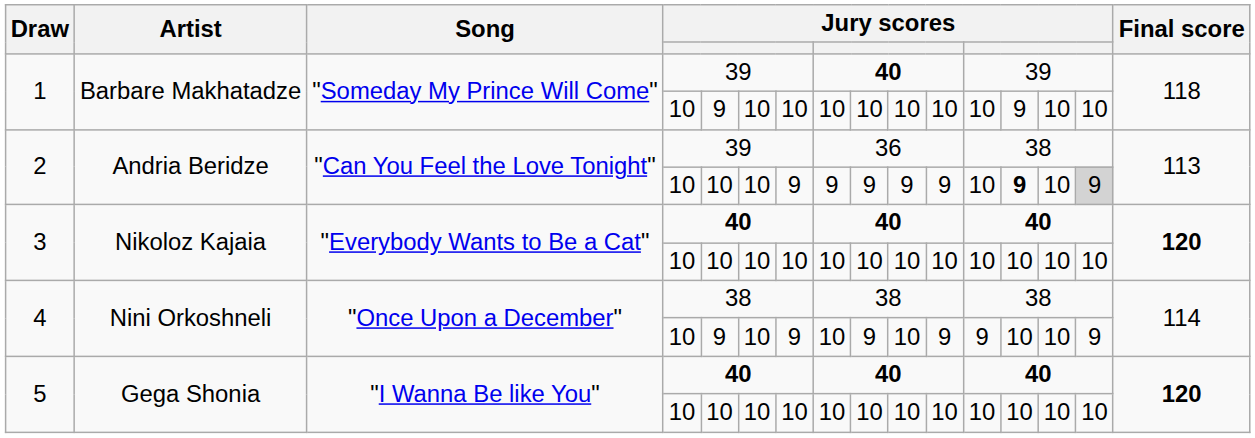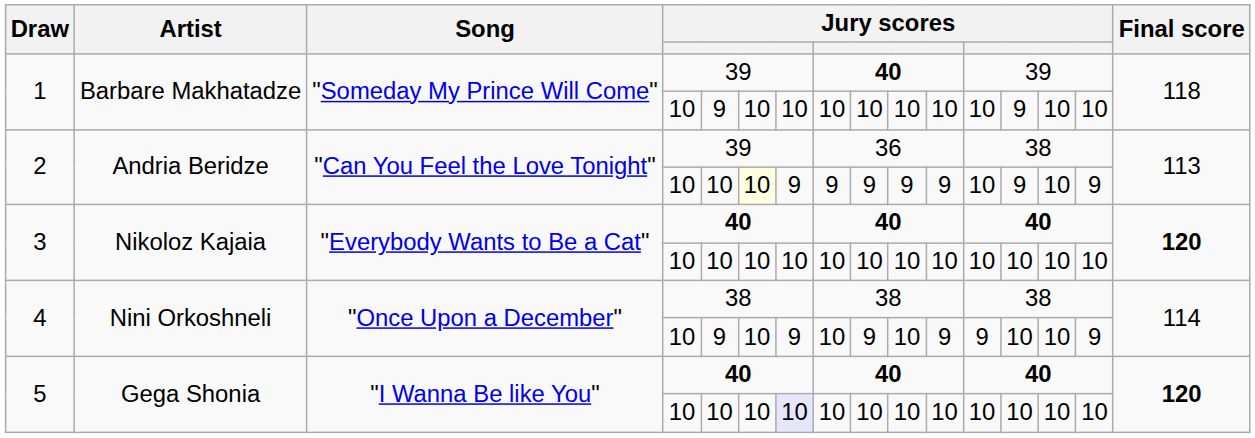 <table class="sortable wikitable" style="text-align:center;margin:1em auto 1em auto">
 <tr>
 <th scope="col" rowspan=2>Draw</th>
 <th scope="col" rowspan=2>Artist</th>
 <th scope="col" rowspan=2>Song</th>
 <th scope="col" colspan=12>Jury scores</th>
 <th scope="col" rowspan=2>Final score</th>
 </tr>
 <tr>
 <th scope="col" class="unsortable" colspan=4><small></small></th>
 <th scope="col" class="unsortable" colspan=4><small></small></th>
 <th scope="col" class="unsortable" colspan=4><small></small></th>
 </tr>
 <tr>
 <td rowspan=2>1</td>
 <td rowspan=2>Barbare Makhatadze</td>
 <td rowspan=2>"<a href='#'>Someday My Prince Will Come</a>"<br></td>
 <td colspan=4>39</td>
 <td colspan=4><strong>40</strong></td>
 <td colspan=4>39</td>
 <td rowspan=2>118</td>
 </tr>
 <tr>
 <td>10</td>
 <td>9</td>
 <td>10</td>
 <td>10</td>
 <td>10</td>
 <td>10</td>
 <td>10</td>
 <td>10</td>
 <td>10</td>
 <td>9</td>
 <td>10</td>
 <td>10</td>
 </tr>
 <tr>
 <td rowspan=2>2</td>
 <td rowspan=2>Andria Beridze</td>
 <td rowspan=2>"<a href='#'>Can You Feel the Love Tonight</a>"<br></td>
 <td colspan=4>39</td>
 <td colspan=4>36</td>
 <td colspan=4>38</td>
 <td rowspan=2>113</td>
 </tr>
 <tr>
 <td>10</td>
 <td>10</td>
-<td>10</td>
+<td style="background: lightyellow;">10</td>
 <td>9</td>
 <td>9</td>
 <td>9</td>
 <td>9</td>
 <td>9</td>
 <td>10</td>
-<td><strong>9</strong></td>
+<td>9</td>
 <td>10</td>
-<td style="background: lightgrey;">9</td>
+<td>9</td>
 </tr>
 <tr>
 <td rowspan=2>3</td>
 <td rowspan=2>Nikoloz Kajaia</td>
 <td rowspan=2>"<a href='#'>Everybody Wants to Be a Cat</a>"<br></td>
 <td colspan=4><strong>40</strong></td>
 <td colspan=4><strong>40</strong></td>
 <td colspan=4><strong>40</strong></td>
 <td rowspan=2><strong>120</strong></td>
 </tr>
 <tr>
 <td>10</td>
 <td>10</td>
 <td>10</td>
 <td>10</td>
 <td>10</td>
 <td>10</td>
 <td>10</td>
 <td>10</td>
 <td>10</td>
 <td>10</td>
 <td>10</td>
 <td>10</td>
 </tr>
 <tr>
 <td rowspan=2>4</td>
 <td rowspan=2>Nini Orkoshneli</td>
 <td rowspan=2>"<a href='#'>Once Upon a December</a>"<br></td>
 <td colspan=4>38</td>
 <td colspan=4>38</td>
 <td colspan=4>38</td>
 <td rowspan=2>114</td>
 </tr>
 <tr>
 <td>10</td>
 <td>9</td>
 <td>10</td>
 <td>9</td>
 <td>10</td>
 <td>9</td>
 <td>10</td>
 <td>9</td>
 <td>9</td>
 <td>10</td>
 <td>10</td>
 <td>9</td>
 </tr>
 <tr>
 <td rowspan=2>5</td>
 <td rowspan=2>Gega Shonia</td>
 <td rowspan=2>"<a href='#'>I Wanna Be like You</a>"<br></td>
 <td colspan=4><strong>40</strong></td>
 <td colspan=4><strong>40</strong></td>
 <td colspan=4><strong>40</strong></td>
 <td rowspan=2><strong>120</strong></td>
 </tr>
 <tr>
 <td>10</td>
 <td>10</td>
 <td>10</td>
-<td>10</td>
+<td style="background: lavender;">10</td>
 <td>10</td>
 <td>10</td>
 <td>10</td>
 <td>10</td>
 <td>10</td>
 <td>10</td>
 <td>10</td>
 <td>10</td>
 </tr>
 </table>
